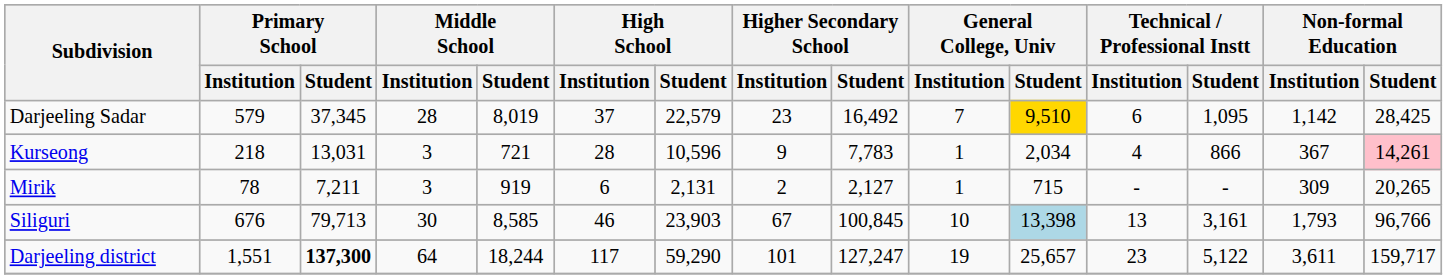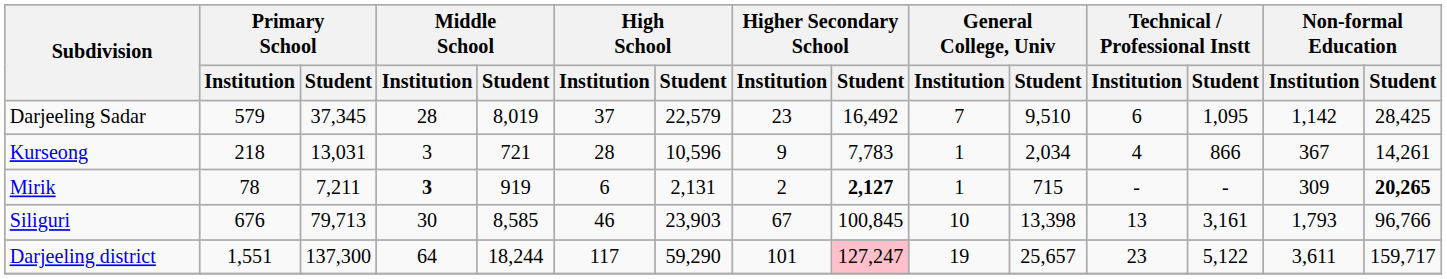 <table class="wikitable" style="text-align:center;font-size: 9pt">
 <tr>
 <th width="110" rowspan="2">Subdivision</th>
 <th colspan="2">Primary<br>School</th>
 <th colspan="2">Middle<br>School</th>
 <th colspan="2">High<br>School</th>
 <th colspan="2">Higher Secondary<br>School</th>
 <th colspan="2">General<br>College, Univ</th>
 <th colspan="2">Technical /<br>Professional Instt</th>
 <th colspan="2">Non-formal<br>Education</th>
 </tr>
 <tr>
 <th width="30">Institution</th>
 <th width="30">Student</th>
 <th width="30">Institution</th>
 <th width="30">Student</th>
 <th width="30">Institution</th>
 <th width="30">Student</th>
 <th width="30">Institution</th>
 <th width="30">Student</th>
 <th width="30">Institution</th>
 <th width="30">Student</th>
 <th width="30">Institution</th>
 <th width="30">Student</th>
 <th width="30">Institution</th>
 <th width="30">Student<br></th>
 </tr>
 <tr>
 <td align=left>Darjeeling Sadar</td>
 <td align="center">579</td>
 <td align="center">37,345</td>
 <td align="center">28</td>
 <td align="center">8,019</td>
 <td align="center">37</td>
 <td align="center">22,579</td>
 <td align="center">23</td>
 <td align="center">16,492</td>
 <td align="center">7</td>
-<td align="center" style="background: gold;">9,510</td>
+<td align="center">9,510</td>
 <td align="center">6</td>
 <td align="center">1,095</td>
 <td align="center">1,142</td>
 <td align="center">28,425</td>
 </tr>
 <tr>
 <td align=left><a href='#'>Kurseong</a></td>
 <td align="center">218</td>
 <td align="center">13,031</td>
 <td align="center">3</td>
 <td align="center">721</td>
 <td align="center">28</td>
 <td align="center">10,596</td>
 <td align="center">9</td>
 <td align="center">7,783</td>
 <td align="center">1</td>
 <td align="center">2,034</td>
 <td align="center">4</td>
 <td align="center">866</td>
 <td align="center">367</td>
-<td align="center" style="background: pink;">14,261</td>
+<td align="center">14,261</td>
 </tr>
 <tr>
 <td align=left><a href='#'>Mirik</a></td>
 <td align="center">78</td>
 <td align="center">7,211</td>
-<td align="center">3</td>
+<td align="center"><strong>3</strong></td>
 <td align="center">919</td>
 <td align="center">6</td>
 <td align="center">2,131</td>
 <td align="center">2</td>
-<td align="center">2,127</td>
+<td align="center"><strong>2,127</strong></td>
 <td align="center">1</td>
 <td align="center">715</td>
 <td align="center">-</td>
 <td align="center">-</td>
 <td align="center">309</td>
-<td align="center">20,265</td>
+<td align="center"><strong>20,265</strong></td>
 </tr>
 <tr>
 <td align=left><a href='#'>Siliguri</a></td>
 <td align="center">676</td>
 <td align="center">79,713</td>
 <td align="center">30</td>
 <td align="center">8,585</td>
 <td align="center">46</td>
 <td align="center">23,903</td>
 <td align="center">67</td>
 <td align="center">100,845</td>
 <td align="center">10</td>
-<td align="center" style="background: lightblue;">13,398</td>
+<td align="center">13,398</td>
 <td align="center">13</td>
 <td align="center">3,161</td>
 <td align="center">1,793</td>
 <td align="center">96,766</td>
 </tr>
 <tr>
 <td align=left><a href='#'>Darjeeling district</a></td>
 <td align="center">1,551</td>
-<td align="center"><strong>137,300</strong></td>
+<td align="center">137,300</td>
 <td align="center">64</td>
 <td align="center">18,244</td>
 <td align="center">117</td>
 <td align="center">59,290</td>
 <td align="center">101</td>
-<td align="center">127,247</td>
+<td align="center" style="background: pink;">127,247</td>
 <td align="center">19</td>
 <td align="center">25,657</td>
 <td align="center">23</td>
 <td align="center">5,122</td>
 <td align="center">3,611</td>
 <td align="center">159,717</td>
 </tr>
 <tr>
 </tr>
 </table>
